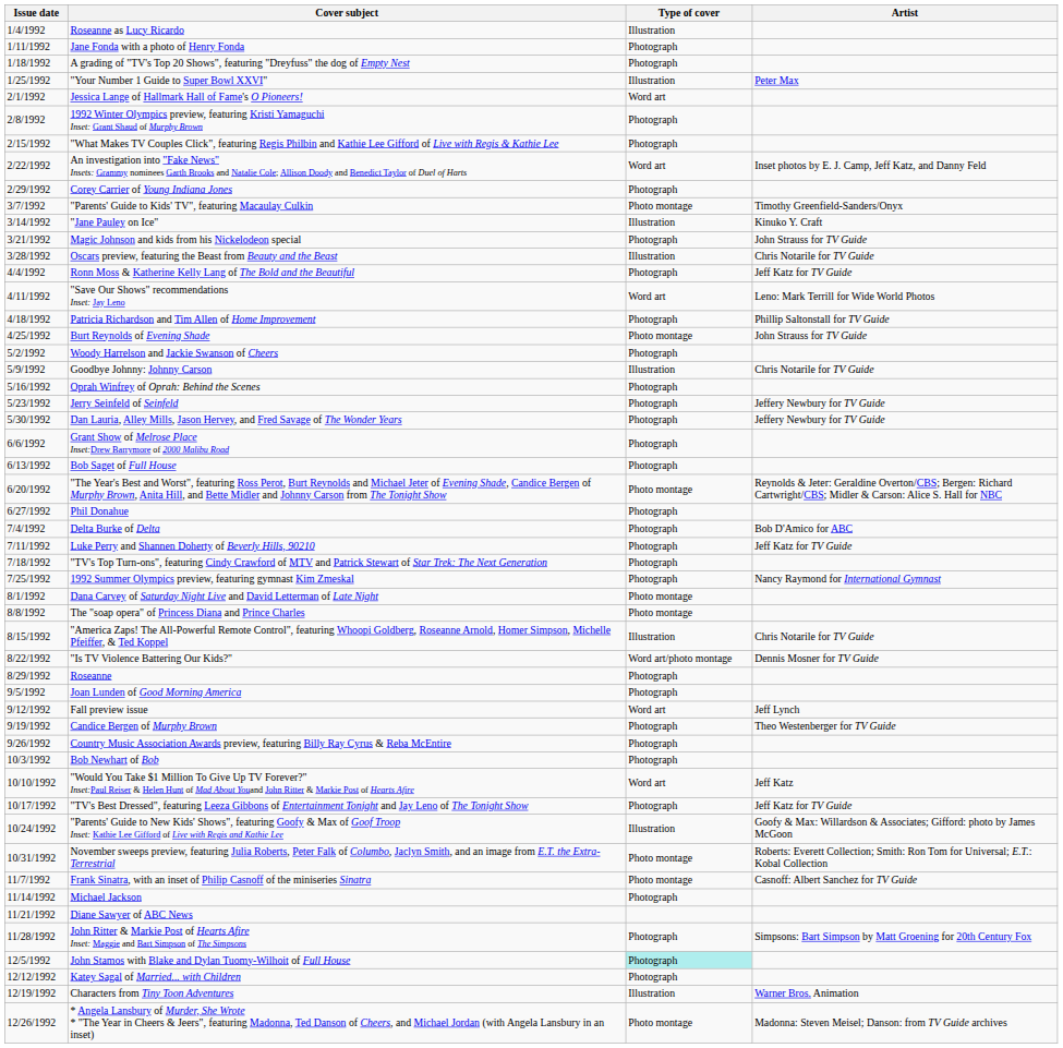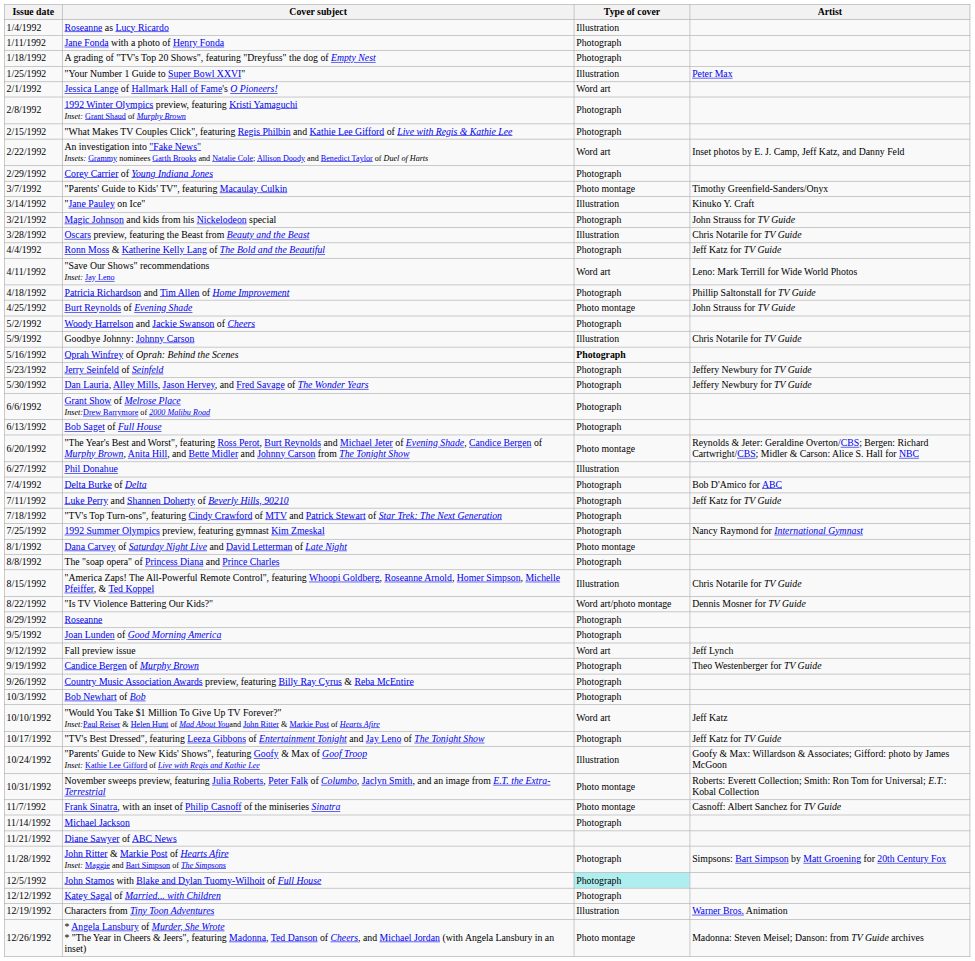 <table class="wikitable sortable" width=100% style="font-size:100%;">
 <tr>
 <th width=6%>Issue date</th>
 <th width=53%>Cover subject</th>
 <th width=12%>Type of cover</th>
 <th width=29%>Artist</th>
 </tr>
 <tr>
 <td>1/4/1992</td>
 <td><a href='#'>Roseanne</a> as <a href='#'>Lucy Ricardo</a></td>
 <td>Illustration</td>
 <td></td>
 </tr>
 <tr>
 <td>1/11/1992</td>
 <td><a href='#'>Jane Fonda</a> with a photo of <a href='#'>Henry Fonda</a></td>
 <td>Photograph</td>
 <td></td>
 </tr>
 <tr>
 <td>1/18/1992</td>
 <td>A grading of "TV's Top 20 Shows", featuring "Dreyfuss" the dog of <em><a href='#'>Empty Nest</a></em></td>
 <td>Photograph</td>
 <td></td>
 </tr>
 <tr>
 <td>1/25/1992</td>
 <td>"Your Number 1 Guide to <a href='#'>Super Bowl XXVI</a>"</td>
 <td>Illustration</td>
 <td><a href='#'>Peter Max</a></td>
 </tr>
 <tr>
 <td>2/1/1992</td>
 <td><a href='#'>Jessica Lange</a> of <a href='#'>Hallmark Hall of Fame</a>'s <em><a href='#'>O Pioneers!</a></em></td>
 <td>Word art</td>
 <td></td>
 </tr>
 <tr>
 <td>2/8/1992</td>
 <td><a href='#'>1992 Winter Olympics</a> preview, featuring <a href='#'>Kristi Yamaguchi</a><br><small><em>Inset:</em> <a href='#'>Grant Shaud</a> of <em><a href='#'>Murphy Brown</a></em></small></td>
 <td>Photograph</td>
 <td></td>
 </tr>
 <tr>
 <td>2/15/1992</td>
 <td>"What Makes TV Couples Click", featuring <a href='#'>Regis Philbin</a> and <a href='#'>Kathie Lee Gifford</a> of <em><a href='#'>Live with Regis & Kathie Lee</a></em></td>
 <td>Photograph</td>
 <td></td>
 </tr>
 <tr>
 <td>2/22/1992</td>
 <td>An investigation into <a href='#'>"Fake News"</a><br><small><em>Insets:</em> <a href='#'>Grammy</a> nominees <a href='#'>Garth Brooks</a> and <a href='#'>Natalie Cole</a>; <a href='#'>Allison Doody</a> and <a href='#'>Benedict Taylor</a> of <em>Duel of Harts</em></small></td>
 <td>Word art</td>
 <td>Inset photos by E. J. Camp, Jeff Katz, and Danny Feld</td>
 </tr>
 <tr>
 <td>2/29/1992</td>
 <td><a href='#'>Corey Carrier</a> of <em><a href='#'>Young Indiana Jones</a></em></td>
 <td>Photograph</td>
 <td></td>
 </tr>
 <tr>
 <td>3/7/1992</td>
 <td>"Parents' Guide to Kids' TV", featuring <a href='#'>Macaulay Culkin</a></td>
 <td>Photo montage</td>
 <td>Timothy Greenfield-Sanders/Onyx</td>
 </tr>
 <tr>
 <td>3/14/1992</td>
 <td>"<a href='#'>Jane Pauley</a> on Ice"</td>
 <td>Illustration</td>
 <td>Kinuko Y. Craft</td>
 </tr>
 <tr>
 <td>3/21/1992</td>
 <td><a href='#'>Magic Johnson</a> and kids from his <a href='#'>Nickelodeon</a> special</td>
 <td>Photograph</td>
 <td>John Strauss for <em>TV Guide</em></td>
 </tr>
 <tr>
 <td>3/28/1992</td>
 <td><a href='#'>Oscars</a> preview, featuring the Beast from <em><a href='#'>Beauty and the Beast</a></em></td>
 <td>Illustration</td>
 <td>Chris Notarile for <em>TV Guide</em></td>
 </tr>
 <tr>
 <td>4/4/1992</td>
 <td><a href='#'>Ronn Moss</a> & <a href='#'>Katherine Kelly Lang</a> of <em><a href='#'>The Bold and the Beautiful</a></em></td>
 <td>Photograph</td>
 <td>Jeff Katz for <em>TV Guide</em></td>
 </tr>
 <tr>
 <td>4/11/1992</td>
 <td>"Save Our Shows" recommendations<br><small><em>Inset:</em> <a href='#'>Jay Leno</a></small></td>
 <td>Word art</td>
 <td>Leno: Mark Terrill for Wide World Photos</td>
 </tr>
 <tr>
 <td>4/18/1992</td>
 <td><a href='#'>Patricia Richardson</a> and <a href='#'>Tim Allen</a> of <em><a href='#'>Home Improvement</a></em></td>
 <td>Photograph</td>
 <td>Phillip Saltonstall for <em>TV Guide</em></td>
 </tr>
 <tr>
 <td>4/25/1992</td>
 <td><a href='#'>Burt Reynolds</a> of <em><a href='#'>Evening Shade</a></em></td>
 <td>Photo montage</td>
 <td>John Strauss for <em>TV Guide</em></td>
 </tr>
 <tr>
 <td>5/2/1992</td>
 <td><a href='#'>Woody Harrelson</a> and <a href='#'>Jackie Swanson</a> of <em><a href='#'>Cheers</a></em></td>
 <td>Photograph</td>
 <td></td>
 </tr>
 <tr>
 <td>5/9/1992</td>
 <td>Goodbye Johnny: <a href='#'>Johnny Carson</a></td>
 <td>Illustration</td>
 <td>Chris Notarile for <em>TV Guide</em></td>
 </tr>
 <tr>
 <td>5/16/1992</td>
 <td><a href='#'>Oprah Winfrey</a> of <em>Oprah: Behind the Scenes</em></td>
-<td>Photograph</td>
+<td><strong>Photograph</strong></td>
 <td></td>
 </tr>
 <tr>
 <td>5/23/1992</td>
 <td><a href='#'>Jerry Seinfeld</a> of <em><a href='#'>Seinfeld</a></em></td>
 <td>Photograph</td>
 <td>Jeffery Newbury for <em>TV Guide</em></td>
 </tr>
 <tr>
 <td>5/30/1992</td>
 <td><a href='#'>Dan Lauria</a>, <a href='#'>Alley Mills</a>, <a href='#'>Jason Hervey</a>, and <a href='#'>Fred Savage</a> of <em><a href='#'>The Wonder Years</a></em></td>
 <td>Photograph</td>
 <td>Jeffery Newbury for <em>TV Guide</em></td>
 </tr>
 <tr>
 <td>6/6/1992</td>
 <td><a href='#'>Grant Show</a> of <em><a href='#'>Melrose Place</a></em><br><small><em>Inset:</em><a href='#'>Drew Barrymore</a> of <em><a href='#'>2000 Malibu Road</a></em></small></td>
 <td>Photograph</td>
 <td></td>
 </tr>
 <tr>
 <td>6/13/1992</td>
 <td><a href='#'>Bob Saget</a> of <em><a href='#'>Full House</a></em></td>
 <td>Photograph</td>
 <td></td>
 </tr>
 <tr>
 <td>6/20/1992</td>
 <td>"The Year's Best and Worst", featuring <a href='#'>Ross Perot</a>, <a href='#'>Burt Reynolds</a> and <a href='#'>Michael Jeter</a> of <em><a href='#'>Evening Shade</a></em>, <a href='#'>Candice Bergen</a> of <em><a href='#'>Murphy Brown</a></em>, <a href='#'>Anita Hill</a>, and <a href='#'>Bette Midler</a> and <a href='#'>Johnny Carson</a> from <em><a href='#'>The Tonight Show</a></em></td>
 <td>Photo montage</td>
 <td>Reynolds & Jeter: Geraldine Overton/<a href='#'>CBS</a>; Bergen: Richard Cartwright/<a href='#'>CBS</a>; Midler & Carson: Alice S. Hall for <a href='#'>NBC</a></td>
 </tr>
 <tr>
 <td>6/27/1992</td>
 <td><a href='#'>Phil Donahue</a></td>
-<td>Photograph</td>
+<td>Illustration</td>
 <td></td>
 </tr>
 <tr>
 <td>7/4/1992</td>
 <td><a href='#'>Delta Burke</a> of <em><a href='#'>Delta</a></em></td>
 <td>Photograph</td>
 <td>Bob D'Amico for <a href='#'>ABC</a></td>
 </tr>
 <tr>
 <td>7/11/1992</td>
 <td><a href='#'>Luke Perry</a> and <a href='#'>Shannen Doherty</a> of <em><a href='#'>Beverly Hills, 90210</a></em></td>
 <td>Photograph</td>
 <td>Jeff Katz for <em>TV Guide</em></td>
 </tr>
 <tr>
 <td>7/18/1992</td>
 <td>"TV's Top Turn-ons", featuring <a href='#'>Cindy Crawford</a> of <a href='#'>MTV</a> and <a href='#'>Patrick Stewart</a> of <em><a href='#'>Star Trek: The Next Generation</a></em></td>
 <td>Photograph</td>
 <td></td>
 </tr>
 <tr>
 <td>7/25/1992</td>
 <td><a href='#'>1992 Summer Olympics</a> preview, featuring gymnast <a href='#'>Kim Zmeskal</a></td>
 <td>Photograph</td>
 <td>Nancy Raymond for <em><a href='#'>International Gymnast</a></em></td>
 </tr>
 <tr>
 <td>8/1/1992</td>
 <td><a href='#'>Dana Carvey</a> of <em><a href='#'>Saturday Night Live</a></em> and <a href='#'>David Letterman</a> of <em><a href='#'>Late Night</a></em></td>
 <td>Photo montage</td>
 <td></td>
 </tr>
 <tr>
 <td>8/8/1992</td>
 <td>The "soap opera" of <a href='#'>Princess Diana</a> and <a href='#'>Prince Charles</a></td>
-<td>Photo montage</td>
+<td>Photograph</td>
 <td></td>
 </tr>
 <tr>
 <td>8/15/1992</td>
 <td>"America Zaps! The All-Powerful Remote Control", featuring <a href='#'>Whoopi Goldberg</a>, <a href='#'>Roseanne Arnold</a>, <a href='#'>Homer Simpson</a>, <a href='#'>Michelle Pfeiffer</a>, & <a href='#'>Ted Koppel</a></td>
 <td>Illustration</td>
 <td>Chris Notarile for <em>TV Guide</em></td>
 </tr>
 <tr>
 <td>8/22/1992</td>
 <td>"Is TV Violence Battering Our Kids?"</td>
 <td>Word art/photo montage</td>
 <td>Dennis Mosner for <em>TV Guide</em></td>
 </tr>
 <tr>
 <td>8/29/1992</td>
 <td><a href='#'>Roseanne</a></td>
 <td>Photograph</td>
 <td></td>
 </tr>
 <tr>
 <td>9/5/1992</td>
 <td><a href='#'>Joan Lunden</a> of <em><a href='#'>Good Morning America</a></em></td>
 <td>Photograph</td>
 <td></td>
 </tr>
 <tr>
 <td>9/12/1992</td>
 <td>Fall preview issue</td>
 <td>Word art</td>
 <td>Jeff Lynch</td>
 </tr>
 <tr>
 <td>9/19/1992</td>
 <td><a href='#'>Candice Bergen</a> of <em><a href='#'>Murphy Brown</a></em></td>
 <td>Photograph</td>
 <td>Theo Westenberger for <em>TV Guide</em></td>
 </tr>
 <tr>
 <td>9/26/1992</td>
 <td><a href='#'>Country Music Association Awards</a> preview, featuring <a href='#'>Billy Ray Cyrus</a> & <a href='#'>Reba McEntire</a></td>
 <td>Photograph</td>
 <td></td>
 </tr>
 <tr>
 <td>10/3/1992</td>
 <td><a href='#'>Bob Newhart</a> of <em><a href='#'>Bob</a></em></td>
 <td>Photograph</td>
 <td></td>
 </tr>
 <tr>
 <td>10/10/1992</td>
 <td>"Would You Take $1 Million To Give Up TV Forever?"<br><small><em>Inset:</em><a href='#'>Paul Reiser</a> & <a href='#'>Helen Hunt</a> of <em><a href='#'>Mad About You</a></em>and <a href='#'>John Ritter</a> & <a href='#'>Markie Post</a> of <em><a href='#'>Hearts Afire</a></em></small></td>
 <td>Word art</td>
 <td>Jeff Katz</td>
 </tr>
 <tr>
 <td>10/17/1992</td>
 <td>"TV's Best Dressed", featuring <a href='#'>Leeza Gibbons</a> of <em><a href='#'>Entertainment Tonight</a></em> and <a href='#'>Jay Leno</a> of <em><a href='#'>The Tonight Show</a></em></td>
 <td>Photograph</td>
 <td>Jeff Katz for <em>TV Guide</em></td>
 </tr>
 <tr>
 <td>10/24/1992</td>
 <td>"Parents' Guide to New Kids' Shows", featuring <a href='#'>Goofy</a> & Max of <em><a href='#'>Goof Troop</a></em><br><small><em>Inset:</em> <a href='#'>Kathie Lee Gifford</a> of <em><a href='#'>Live with Regis and Kathie Lee</a></em></small></td>
 <td>Illustration</td>
 <td>Goofy & Max: Willardson & Associates; Gifford: photo by James McGoon</td>
 </tr>
 <tr>
 <td>10/31/1992</td>
 <td>November sweeps preview, featuring <a href='#'>Julia Roberts</a>, <a href='#'>Peter Falk</a> of <em><a href='#'>Columbo</a></em>, <a href='#'>Jaclyn Smith</a>, and an image from <em><a href='#'>E.T. the Extra-Terrestrial</a></em></td>
 <td>Photo montage</td>
 <td>Roberts: Everett Collection; Smith: Ron Tom for Universal; <em>E.T.</em>: Kobal Collection</td>
 </tr>
 <tr>
 <td>11/7/1992</td>
 <td><a href='#'>Frank Sinatra</a>, with an inset of <a href='#'>Philip Casnoff</a> of the miniseries <em><a href='#'>Sinatra</a></em></td>
 <td>Photo montage</td>
 <td>Casnoff: Albert Sanchez for <em>TV Guide</em></td>
 </tr>
 <tr>
 <td>11/14/1992</td>
 <td><a href='#'>Michael Jackson</a></td>
 <td>Photograph</td>
 <td></td>
 </tr>
 <tr>
 <td>11/21/1992</td>
 <td><a href='#'>Diane Sawyer</a> of <a href='#'>ABC News</a></td>
 <td></td>
 <td></td>
 </tr>
 <tr>
 <td>11/28/1992</td>
 <td><a href='#'>John Ritter</a> & <a href='#'>Markie Post</a> of <em><a href='#'>Hearts Afire</a></em><br><small><em>Inset:</em> <a href='#'>Maggie</a> and <a href='#'>Bart Simpson</a> of <em><a href='#'>The Simpsons</a></em></small></td>
 <td>Photograph</td>
 <td>Simpsons: <a href='#'>Bart Simpson</a> by <a href='#'>Matt Groening</a> for <a href='#'>20th Century Fox</a></td>
 </tr>
 <tr>
 <td>12/5/1992</td>
 <td><a href='#'>John Stamos</a> with <a href='#'>Blake and Dylan Tuomy-Wilhoit</a> of <em><a href='#'>Full House</a></em></td>
 <td style="background: paleturquoise;">Photograph</td>
 <td></td>
 </tr>
 <tr>
 <td>12/12/1992</td>
 <td><a href='#'>Katey Sagal</a> of <em><a href='#'>Married... with Children</a></em></td>
 <td>Photograph</td>
 <td></td>
 </tr>
 <tr>
 <td>12/19/1992</td>
 <td>Characters from <em><a href='#'>Tiny Toon Adventures</a></em></td>
 <td>Illustration</td>
 <td><a href='#'>Warner Bros.</a> Animation</td>
 </tr>
 <tr>
 <td>12/26/1992</td>
 <td>* <a href='#'>Angela Lansbury</a> of <em><a href='#'>Murder, She Wrote</a></em><br>* "The Year in Cheers & Jeers", featuring <a href='#'>Madonna</a>, <a href='#'>Ted Danson</a> of <em><a href='#'>Cheers</a></em>, and <a href='#'>Michael Jordan</a> (with Angela Lansbury in an inset)</td>
 <td>Photo montage</td>
 <td>Madonna: Steven Meisel; Danson: from <em>TV Guide</em> archives</td>
 </tr>
 </table>
